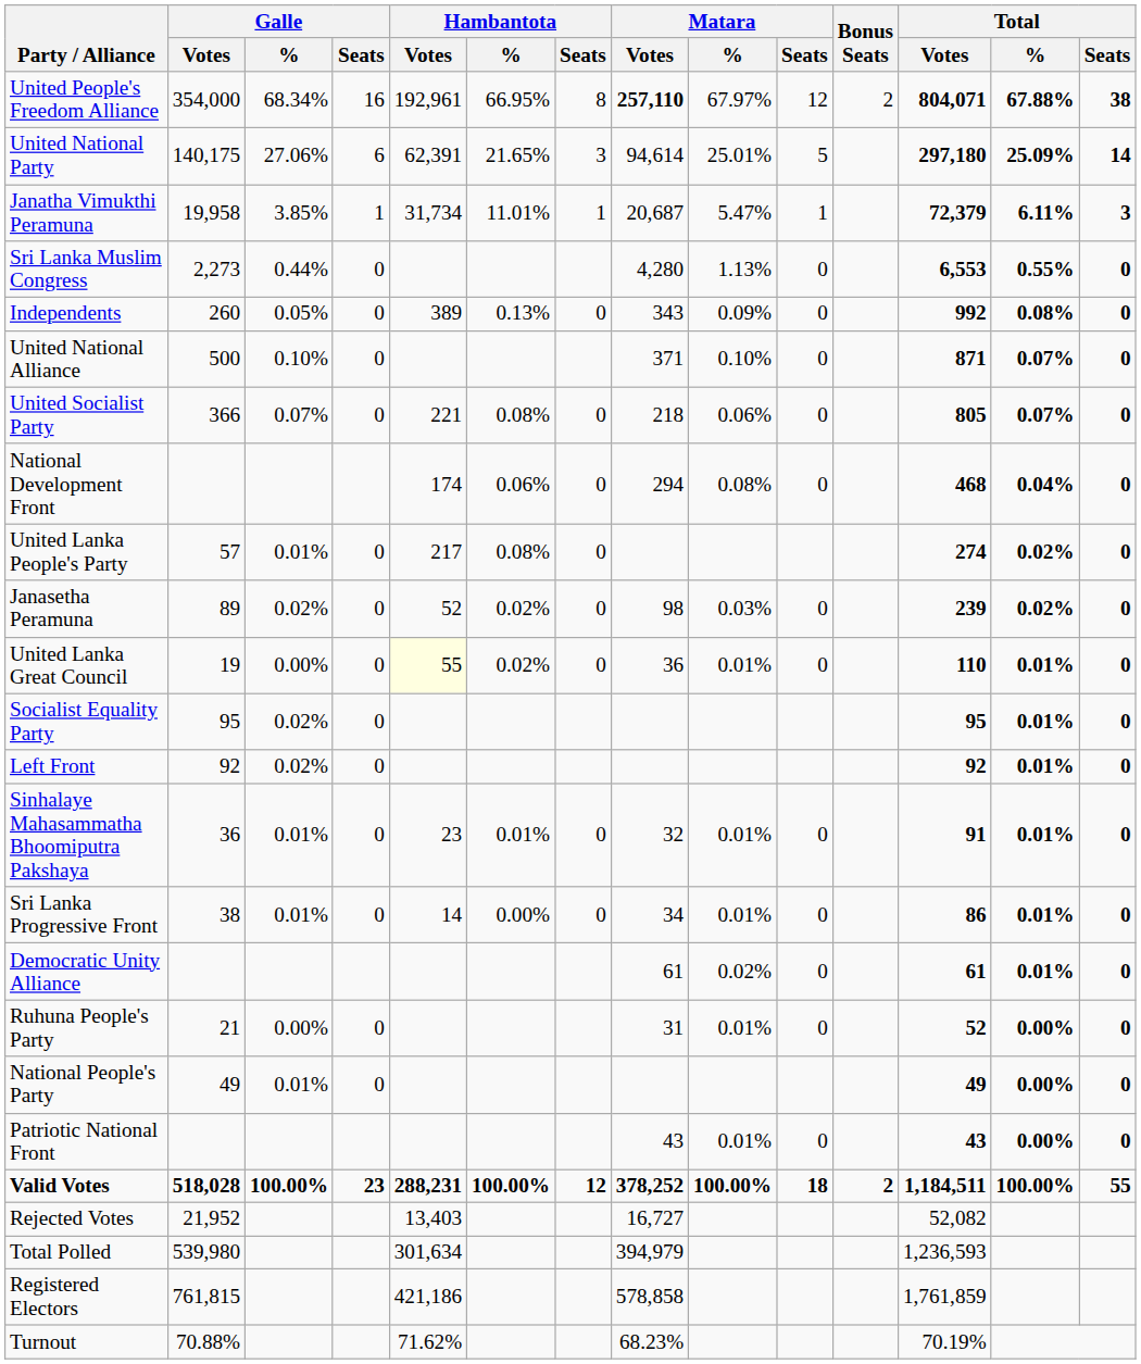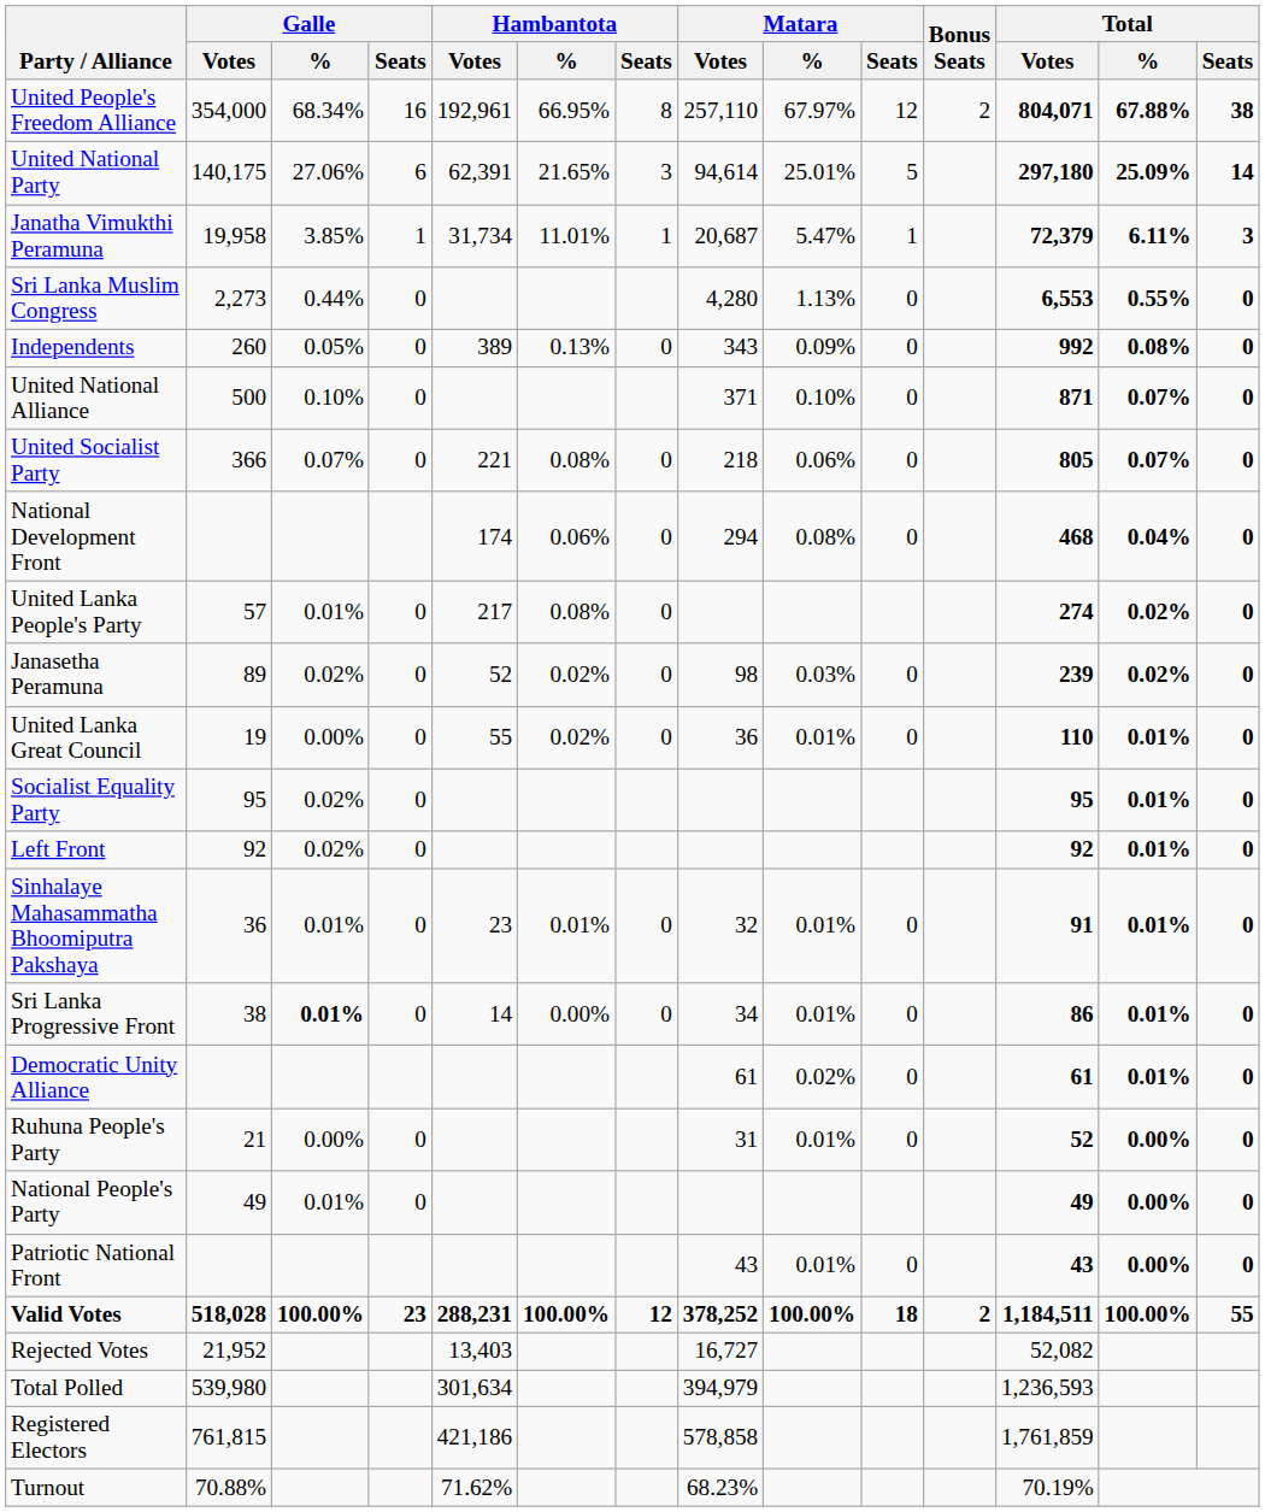 <table class="wikitable" border="1" style="text-align:right;">
 <tr>
 <th valign=bottom rowspan=2 width="300">Party / Alliance</th>
 <th colspan=3><a href='#'>Galle</a></th>
 <th colspan=3><a href='#'>Hambantota</a></th>
 <th colspan=3><a href='#'>Matara</a></th>
 <th valign=bottom rowspan=2 width="40">Bonus<br>Seats</th>
 <th colspan=3>Total</th>
 </tr>
 <tr>
 <th align=center valign=bottom width="50">Votes</th>
 <th align=center valign=bottom width="50">%</th>
 <th align=center valign=bottom width="40">Seats</th>
 <th align=center valign=bottom width="50">Votes</th>
 <th align=center valign=bottom width="50">%</th>
 <th align=center valign=bottom width="40">Seats</th>
 <th align=center valign=bottom width="50">Votes</th>
 <th align=center valign=bottom width="50">%</th>
 <th align=center valign=bottom width="40">Seats</th>
 <th align=center valign=bottom width="50">Votes</th>
 <th align=center valign=bottom width="50">%</th>
 <th align=center valign=bottom width="40">Seats</th>
 </tr>
 <tr>
 <td align=left><a href='#'>United People's Freedom Alliance</a></td>
 <td>354,000</td>
 <td>68.34%</td>
 <td>16</td>
 <td>192,961</td>
 <td>66.95%</td>
 <td>8</td>
-<td><strong>257,110</strong></td>
+<td>257,110</td>
 <td>67.97%</td>
 <td>12</td>
 <td>2</td>
 <td><strong>804,071</strong></td>
 <td><strong>67.88%</strong></td>
 <td><strong>38</strong></td>
 </tr>
 <tr>
 <td align=left><a href='#'>United National Party</a></td>
 <td>140,175</td>
 <td>27.06%</td>
 <td>6</td>
 <td>62,391</td>
 <td>21.65%</td>
 <td>3</td>
 <td>94,614</td>
 <td>25.01%</td>
 <td>5</td>
 <td></td>
 <td><strong>297,180</strong></td>
 <td><strong>25.09%</strong></td>
 <td><strong>14</strong></td>
 </tr>
 <tr>
 <td align=left><a href='#'>Janatha Vimukthi Peramuna</a></td>
 <td>19,958</td>
 <td>3.85%</td>
 <td>1</td>
 <td>31,734</td>
 <td>11.01%</td>
 <td>1</td>
 <td>20,687</td>
 <td>5.47%</td>
 <td>1</td>
 <td></td>
 <td><strong>72,379</strong></td>
 <td><strong>6.11%</strong></td>
 <td><strong>3</strong></td>
 </tr>
 <tr>
 <td align=left><a href='#'>Sri Lanka Muslim Congress</a></td>
 <td>2,273</td>
 <td>0.44%</td>
 <td>0</td>
 <td></td>
 <td></td>
 <td></td>
 <td>4,280</td>
 <td>1.13%</td>
 <td>0</td>
 <td></td>
 <td><strong>6,553</strong></td>
 <td><strong>0.55%</strong></td>
 <td><strong>0</strong></td>
 </tr>
 <tr>
 <td align=left><a href='#'>Independents</a></td>
 <td>260</td>
 <td>0.05%</td>
 <td>0</td>
 <td>389</td>
 <td>0.13%</td>
 <td>0</td>
 <td>343</td>
 <td>0.09%</td>
 <td>0</td>
 <td></td>
 <td><strong>992</strong></td>
 <td><strong>0.08%</strong></td>
 <td><strong>0</strong></td>
 </tr>
 <tr>
 <td align=left>United National Alliance</td>
 <td>500</td>
 <td>0.10%</td>
 <td>0</td>
 <td></td>
 <td></td>
 <td></td>
 <td>371</td>
 <td>0.10%</td>
 <td>0</td>
 <td></td>
 <td><strong>871</strong></td>
 <td><strong>0.07%</strong></td>
 <td><strong>0</strong></td>
 </tr>
 <tr>
 <td align=left><a href='#'>United Socialist Party</a></td>
 <td>366</td>
 <td>0.07%</td>
 <td>0</td>
 <td>221</td>
 <td>0.08%</td>
 <td>0</td>
 <td>218</td>
 <td>0.06%</td>
 <td>0</td>
 <td></td>
 <td><strong>805</strong></td>
 <td><strong>0.07%</strong></td>
 <td><strong>0</strong></td>
 </tr>
 <tr>
 <td align=left>National Development Front</td>
 <td></td>
 <td></td>
 <td></td>
 <td>174</td>
 <td>0.06%</td>
 <td>0</td>
 <td>294</td>
 <td>0.08%</td>
 <td>0</td>
 <td></td>
 <td><strong>468</strong></td>
 <td><strong>0.04%</strong></td>
 <td><strong>0</strong></td>
 </tr>
 <tr>
 <td align=left>United Lanka People's Party</td>
 <td>57</td>
 <td>0.01%</td>
 <td>0</td>
 <td>217</td>
 <td>0.08%</td>
 <td>0</td>
 <td></td>
 <td></td>
 <td></td>
 <td></td>
 <td><strong>274</strong></td>
 <td><strong>0.02%</strong></td>
 <td><strong>0</strong></td>
 </tr>
 <tr>
 <td align=left>Janasetha Peramuna</td>
 <td>89</td>
 <td>0.02%</td>
 <td>0</td>
 <td>52</td>
 <td>0.02%</td>
 <td>0</td>
 <td>98</td>
 <td>0.03%</td>
 <td>0</td>
 <td></td>
 <td><strong>239</strong></td>
 <td><strong>0.02%</strong></td>
 <td><strong>0</strong></td>
 </tr>
 <tr>
 <td align=left>United Lanka Great Council</td>
 <td>19</td>
 <td>0.00%</td>
 <td>0</td>
-<td style="background: lightyellow;">55</td>
+<td>55</td>
 <td>0.02%</td>
 <td>0</td>
 <td>36</td>
 <td>0.01%</td>
 <td>0</td>
 <td></td>
 <td><strong>110</strong></td>
 <td><strong>0.01%</strong></td>
 <td><strong>0</strong></td>
 </tr>
 <tr>
 <td align=left><a href='#'>Socialist Equality Party</a></td>
 <td>95</td>
 <td>0.02%</td>
 <td>0</td>
 <td></td>
 <td></td>
 <td></td>
 <td></td>
 <td></td>
 <td></td>
 <td></td>
 <td><strong>95</strong></td>
 <td><strong>0.01%</strong></td>
 <td><strong>0</strong></td>
 </tr>
 <tr>
 <td align=left><a href='#'>Left Front</a></td>
 <td>92</td>
 <td>0.02%</td>
 <td>0</td>
 <td></td>
 <td></td>
 <td></td>
 <td></td>
 <td></td>
 <td></td>
 <td></td>
 <td><strong>92</strong></td>
 <td><strong>0.01%</strong></td>
 <td><strong>0</strong></td>
 </tr>
 <tr>
 <td align=left><a href='#'>Sinhalaye Mahasammatha Bhoomiputra Pakshaya</a></td>
 <td>36</td>
 <td>0.01%</td>
 <td>0</td>
 <td>23</td>
 <td>0.01%</td>
 <td>0</td>
 <td>32</td>
 <td>0.01%</td>
 <td>0</td>
 <td></td>
 <td><strong>91</strong></td>
 <td><strong>0.01%</strong></td>
 <td><strong>0</strong></td>
 </tr>
 <tr>
 <td align=left>Sri Lanka Progressive Front</td>
 <td>38</td>
-<td>0.01%</td>
+<td><strong>0.01%</strong></td>
 <td>0</td>
 <td>14</td>
 <td>0.00%</td>
 <td>0</td>
 <td>34</td>
 <td>0.01%</td>
 <td>0</td>
 <td></td>
 <td><strong>86</strong></td>
 <td><strong>0.01%</strong></td>
 <td><strong>0</strong></td>
 </tr>
 <tr>
 <td align=left><a href='#'>Democratic Unity Alliance</a></td>
 <td></td>
 <td></td>
 <td></td>
 <td></td>
 <td></td>
 <td></td>
 <td>61</td>
 <td>0.02%</td>
 <td>0</td>
 <td></td>
 <td><strong>61</strong></td>
 <td><strong>0.01%</strong></td>
 <td><strong>0</strong></td>
 </tr>
 <tr>
 <td align=left>Ruhuna People's Party</td>
 <td>21</td>
 <td>0.00%</td>
 <td>0</td>
 <td></td>
 <td></td>
 <td></td>
 <td>31</td>
 <td>0.01%</td>
 <td>0</td>
 <td></td>
 <td><strong>52</strong></td>
 <td><strong>0.00%</strong></td>
 <td><strong>0</strong></td>
 </tr>
 <tr>
 <td align=left>National People's Party</td>
 <td>49</td>
 <td>0.01%</td>
 <td>0</td>
 <td></td>
 <td></td>
 <td></td>
 <td></td>
 <td></td>
 <td></td>
 <td></td>
 <td><strong>49</strong></td>
 <td><strong>0.00%</strong></td>
 <td><strong>0</strong></td>
 </tr>
 <tr>
 <td align=left>Patriotic National Front</td>
 <td></td>
 <td></td>
 <td></td>
 <td></td>
 <td></td>
 <td></td>
 <td>43</td>
 <td>0.01%</td>
 <td>0</td>
 <td></td>
 <td><strong>43</strong></td>
 <td><strong>0.00%</strong></td>
 <td><strong>0</strong></td>
 </tr>
 <tr>
 <td align=left><strong>Valid Votes</strong></td>
 <td><strong>518,028</strong></td>
 <td><strong>100.00%</strong></td>
 <td><strong>23</strong></td>
 <td><strong>288,231</strong></td>
 <td><strong>100.00%</strong></td>
 <td><strong>12</strong></td>
 <td><strong>378,252</strong></td>
 <td><strong>100.00%</strong></td>
 <td><strong>18</strong></td>
 <td><strong>2</strong></td>
 <td><strong>1,184,511</strong></td>
 <td><strong>100.00%</strong></td>
 <td><strong>55</strong></td>
 </tr>
 <tr>
 <td align=left>Rejected Votes</td>
 <td>21,952</td>
 <td></td>
 <td></td>
 <td>13,403</td>
 <td></td>
 <td></td>
 <td>16,727</td>
 <td></td>
 <td></td>
 <td></td>
 <td>52,082</td>
 <td></td>
 <td></td>
 </tr>
 <tr>
 <td align=left>Total Polled</td>
 <td>539,980</td>
 <td></td>
 <td></td>
 <td>301,634</td>
 <td></td>
 <td></td>
 <td>394,979</td>
 <td></td>
 <td></td>
 <td></td>
 <td>1,236,593</td>
 <td></td>
 <td></td>
 </tr>
 <tr>
 <td align=left>Registered Electors</td>
 <td>761,815</td>
 <td></td>
 <td></td>
 <td>421,186</td>
 <td></td>
 <td></td>
 <td>578,858</td>
 <td></td>
 <td></td>
 <td></td>
 <td>1,761,859</td>
 <td></td>
 <td></td>
 </tr>
 <tr>
 <td align=left>Turnout</td>
 <td>70.88%</td>
 <td></td>
 <td></td>
 <td>71.62%</td>
 <td></td>
 <td></td>
 <td>68.23%</td>
 <td></td>
 <td></td>
 <td></td>
 <td>70.19%</td>
 </tr>
 </table>
